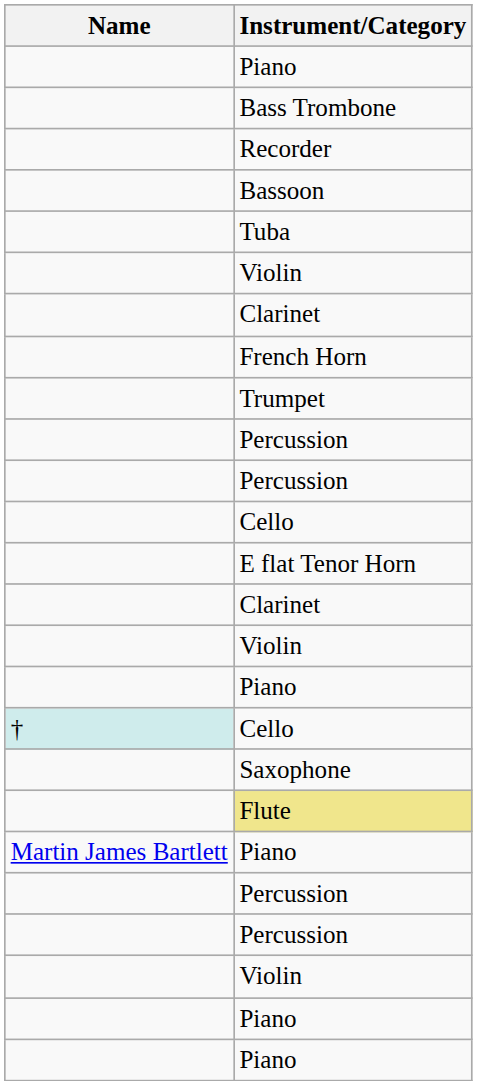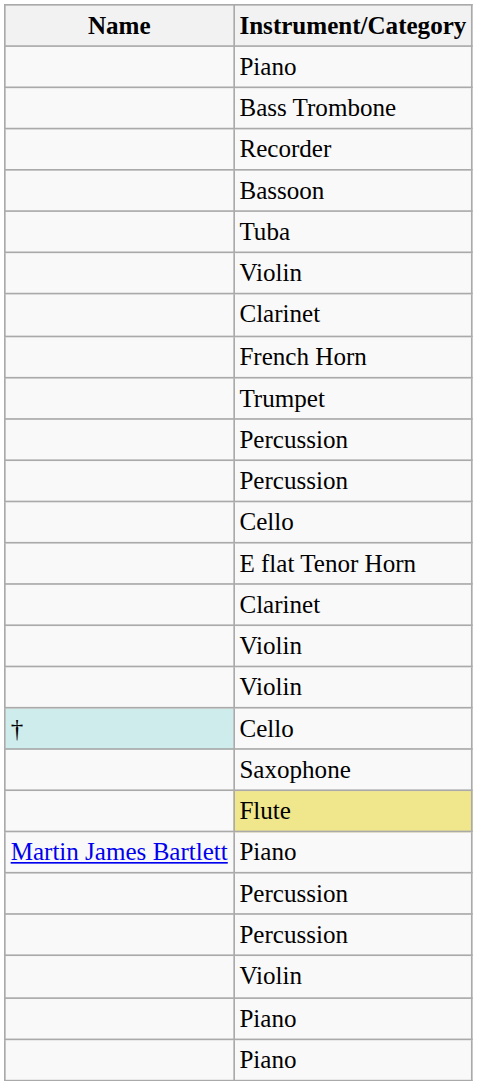 <table class="wikitable sortable" style="font-size: 95%">
 <tr>
 <th>Name</th>
 <th>Instrument/Category</th>
 </tr>
 <tr>
 <td></td>
 <td>Piano</td>
 </tr>
 <tr>
 <td><em></em></td>
 <td>Bass Trombone</td>
 </tr>
 <tr>
 <td><strong></strong></td>
 <td>Recorder</td>
 </tr>
 <tr>
 <td></td>
 <td>Bassoon</td>
 </tr>
 <tr>
 <td></td>
 <td>Tuba</td>
 </tr>
 <tr>
 <td></td>
 <td>Violin</td>
 </tr>
 <tr>
 <td></td>
 <td>Clarinet</td>
 </tr>
 <tr>
 <td></td>
 <td>French Horn</td>
 </tr>
 <tr>
 <td></td>
 <td>Trumpet</td>
 </tr>
 <tr>
 <td><em></em></td>
 <td>Percussion</td>
 </tr>
 <tr>
 <td></td>
 <td>Percussion</td>
 </tr>
 <tr>
 <td></td>
 <td>Cello</td>
 </tr>
 <tr>
 <td></td>
 <td>E flat Tenor Horn</td>
 </tr>
 <tr>
 <td></td>
 <td>Clarinet</td>
 </tr>
 <tr>
 <td></td>
 <td>Violin</td>
 </tr>
 <tr>
 <td></td>
-<td>Piano</td>
+<td>Violin</td>
 </tr>
 <tr>
 <td bgcolor="#CFECEC"><strong></strong>†</td>
 <td>Cello</td>
 </tr>
 <tr>
 <td></td>
 <td>Saxophone</td>
 </tr>
 <tr>
 <td></td>
 <td style="background: khaki;">Flute</td>
 </tr>
 <tr>
 <td><a href='#'>Martin James Bartlett</a></td>
 <td>Piano</td>
 </tr>
 <tr>
 <td></td>
 <td>Percussion</td>
 </tr>
 <tr>
 <td></td>
 <td>Percussion</td>
 </tr>
 <tr>
 <td></td>
 <td>Violin</td>
 </tr>
 <tr>
 <td></td>
 <td>Piano</td>
 </tr>
 <tr>
 <td><strong></strong></td>
 <td>Piano</td>
 </tr>
 </table>
